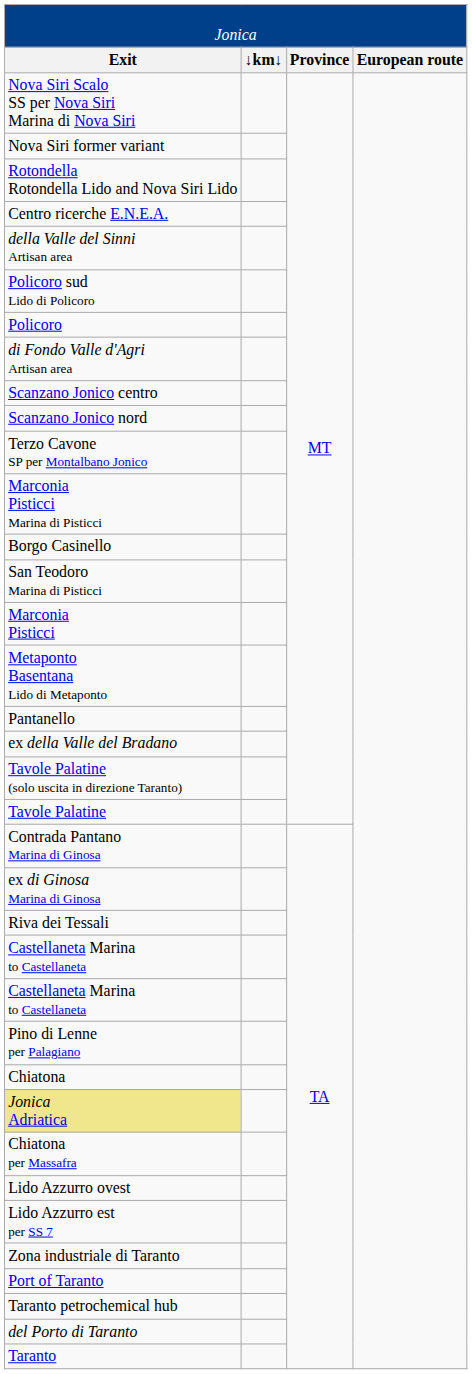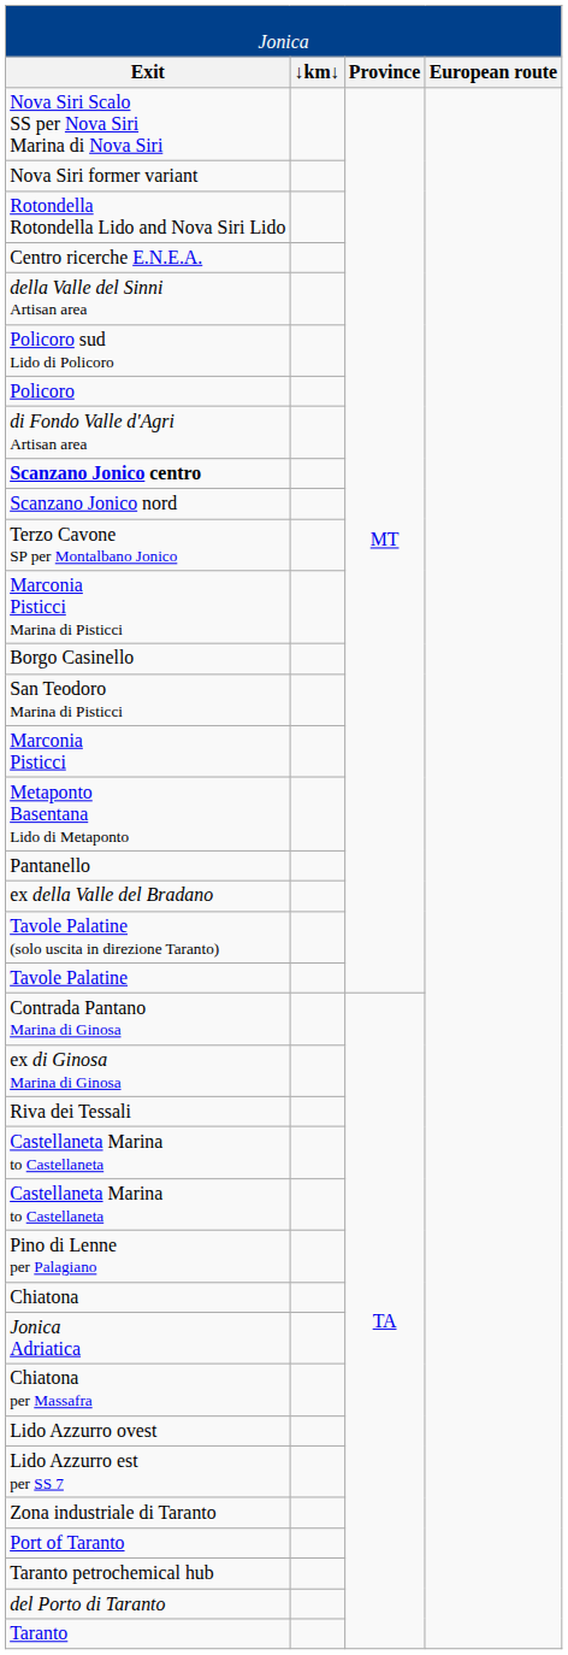 <table class="wikitable">
 <tr align="center" bgcolor="00408B" style="color: white;font-size:100%;">
 <td colspan="4"><br><em>Jonica</em><br></td>
 </tr>
 <tr>
 <th>Exit</th>
 <th>↓km↓</th>
 <th>Province</th>
 <th>European route</th>
 </tr>
 <tr>
 <td> <a href='#'>Nova Siri Scalo</a><br> SS per <a href='#'>Nova Siri</a><br> Marina di <a href='#'>Nova Siri</a></td>
 <td></td>
 <td align="center" rowspan="20"><a href='#'>MT</a></td>
 <td align="center" rowspan="37"></td>
 </tr>
 <tr>
 <td> Nova Siri former variant</td>
 <td align="right"></td>
 </tr>
 <tr>
 <td> <a href='#'>Rotondella</a><br> Rotondella Lido and Nova Siri Lido</td>
 <td align="right"></td>
 </tr>
 <tr>
 <td> Centro ricerche <a href='#'>E.N.E.A.</a></td>
 <td align="right"></td>
 </tr>
 <tr>
 <td>  <em>della Valle del Sinni</em><br> <small>Artisan area</small></td>
 <td align="right"></td>
 </tr>
 <tr>
 <td> <a href='#'>Policoro</a> sud<br> <small>Lido di Policoro</small></td>
 <td align="right"></td>
 </tr>
 <tr>
 <td> <a href='#'>Policoro</a></td>
 <td align="right"></td>
 </tr>
 <tr>
 <td>  <em>di Fondo Valle d'Agri</em><br> <small>Artisan area</small></td>
 <td align="right"></td>
 </tr>
 <tr>
-<td> <a href='#'>Scanzano Jonico</a> centro</td>
+<td><strong> <a href='#'>Scanzano Jonico</a> centro</strong></td>
 <td align="right"></td>
 </tr>
 <tr>
 <td> <a href='#'>Scanzano Jonico</a> nord</td>
 <td align="right"></td>
 </tr>
 <tr>
 <td> Terzo Cavone<br><small>SP per <a href='#'>Montalbano Jonico</a></small></td>
 <td align="right"></td>
 </tr>
 <tr>
 <td> <a href='#'>Marconia</a><br><a href='#'>Pisticci</a><br> <small>Marina di Pisticci</small></td>
 <td align="right"></td>
 </tr>
 <tr>
 <td> Borgo Casinello</td>
 <td align="right"></td>
 </tr>
 <tr>
 <td> San Teodoro<br> <small>Marina di Pisticci</small></td>
 <td align="right"></td>
 </tr>
 <tr>
 <td> <a href='#'>Marconia</a><br><a href='#'>Pisticci</a></td>
 <td align="right"></td>
 </tr>
 <tr>
 <td> <a href='#'>Metaponto</a> <br>   <a href='#'>Basentana</a><br> <small>Lido di Metaponto</small></td>
 <td align="right"></td>
 </tr>
 <tr>
 <td> Pantanello</td>
 <td align="right"></td>
 </tr>
 <tr>
 <td> ex  <em>della Valle del Bradano</em></td>
 <td align="right"></td>
 </tr>
 <tr>
 <td>  <a href='#'>Tavole Palatine</a> <br><small> (solo uscita in direzione Taranto)</small></td>
 <td align="right"></td>
 </tr>
 <tr>
 <td>  <a href='#'>Tavole Palatine</a></td>
 <td align="right"></td>
 </tr>
 <tr>
 <td> Contrada Pantano <br> <small><a href='#'>Marina di Ginosa</a></small></td>
 <td align="right"></td>
 <td rowspan=24 align="center"><a href='#'>TA</a></td>
 </tr>
 <tr>
 <td> ex  <em>di Ginosa</em> <br> <small><a href='#'>Marina di Ginosa</a></small></td>
 <td align="right"></td>
 </tr>
 <tr>
 <td>  Riva dei Tessali</td>
 <td align="right"></td>
 </tr>
 <tr>
 <td>  <a href='#'>Castellaneta</a> Marina <br>  <small>to <a href='#'>Castellaneta</a></small></td>
 <td align="right"></td>
 </tr>
 <tr>
 <td>  <a href='#'>Castellaneta</a> Marina <br>  <small>to <a href='#'>Castellaneta</a></small></td>
 <td align="right"></td>
 </tr>
 <tr>
 <td>  Pino di Lenne <br> <small> per <a href='#'>Palagiano</a></small></td>
 <td align="right"></td>
 </tr>
 <tr>
 <td>  Chiatona</td>
 <td align="right"></td>
 </tr>
 <tr>
-<td style="background: khaki;">  <em>Jonica</em> <br>  <a href='#'>Adriatica</a></td>
+<td>  <em>Jonica</em> <br>  <a href='#'>Adriatica</a></td>
 <td align="right"></td>
 </tr>
 <tr>
 <td>  Chiatona <br>  <small>per <a href='#'>Massafra</a></small></td>
 <td align="right"></td>
 </tr>
 <tr>
 <td>  Lido Azzurro ovest</td>
 <td align="right"></td>
 </tr>
 <tr>
 <td>   Lido Azzurro est <br>  <small>per <a href='#'>SS 7</a></small></td>
 <td align="right"></td>
 </tr>
 <tr>
 <td>  Zona industriale di Taranto</td>
 <td align="right"></td>
 </tr>
 <tr>
 <td>  <a href='#'>Port of Taranto</a></td>
 <td align="right"></td>
 </tr>
 <tr>
 <td>  Taranto petrochemical hub</td>
 <td align="right"></td>
 </tr>
 <tr>
 <td>   <em>del Porto di Taranto</em></td>
 <td align="right"></td>
 </tr>
 <tr>
 <td> <a href='#'>Taranto</a></td>
 <td align="right"></td>
 </tr>
 </table>
